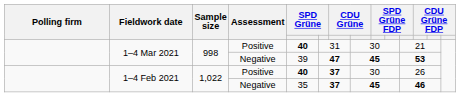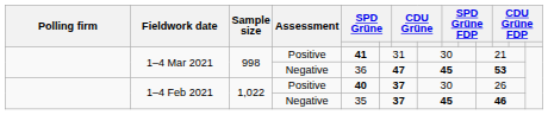 <table class="wikitable sortable" style="text-align:center;font-size:90%;line-height:14px;">
 <tr style="height:40px;">
 <th style="width:160px;" rowspan="2">Polling firm</th>
 <th style="width:125px;" rowspan="2">Fieldwork date</th>
 <th style="width:35px;" rowspan="2">Sample<br>size</th>
 <th style="width:35px;" rowspan="2">Assessment</th>
 <th class="unsortable" style="width:60px;" colspan="2"><a href='#'>SPD</a><br><a href='#'>Grüne</a></th>
 <th class="unsortable" style="width:60px;" colspan="2"><a href='#'>CDU</a><br><a href='#'>Grüne</a></th>
 <th class="unsortable" style="width:60px;" colspan="3"><a href='#'>SPD</a><br><a href='#'>Grüne</a><br><a href='#'>FDP</a></th>
 <th class="unsortable" style="width:60px;" colspan="3"><a href='#'>CDU</a><br><a href='#'>Grüne</a><br><a href='#'>FDP</a></th>
 </tr>
 <tr>
 <th style="background:"></th>
 <th style="background:"></th>
 <th style="background:"></th>
 <th style="background:"></th>
 <th style="background:"></th>
 <th style="background:"></th>
 <th style="background:"></th>
 <th style="background:"></th>
 <th style="background:"></th>
 <th style="background:"></th>
 </tr>
 <tr>
 <td rowspan="2"></td>
 <td data-sort-value="2021-03-05" rowspan="2">1–4 Mar 2021</td>
 <td rowspan="2">998</td>
 <td>Positive</td>
-<td><strong>40</strong></td>
+<td><strong>41</strong></td>
 <td colspan="2">31</td>
 <td colspan="3">30</td>
 <td colspan="3">21</td>
 </tr>
 <tr>
 <td>Negative</td>
-<td>39</td>
+<td>36</td>
 <td colspan="2"><strong>47</strong></td>
 <td colspan="3"><strong>45</strong></td>
 <td colspan="3"><strong>53</strong></td>
 </tr>
 <tr>
 <td rowspan="2"> </td>
 <td data-sort-value="2021-02-05" rowspan="2">1–4 Feb 2021</td>
 <td rowspan="2">1,022</td>
 <td>Positive</td>
 <td><strong>40</strong></td>
 <td colspan="2"><strong>37</strong></td>
 <td colspan="3">30</td>
 <td colspan="3">26</td>
 </tr>
 <tr>
 <td>Negative</td>
 <td>35</td>
 <td colspan="2"><strong>37</strong></td>
 <td colspan="3"><strong>45</strong></td>
 <td colspan="3"><strong>46</strong></td>
 </tr>
 </table>
